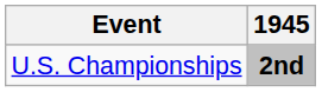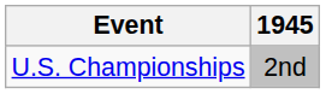 <table class="wikitable">
 <tr>
 <th>Event</th>
 <th>1945</th>
 </tr>
 <tr>
 <td><a href='#'>U.S. Championships</a></td>
-<td align="center" bgcolor="silver"><strong>2nd</strong></td>
+<td align="center" bgcolor="silver">2nd</td>
 </tr>
 </table>
